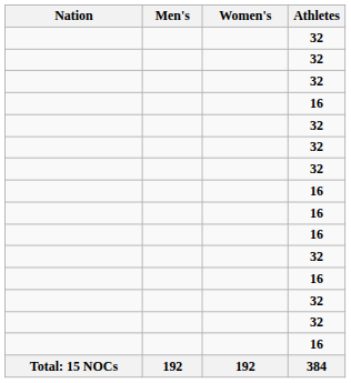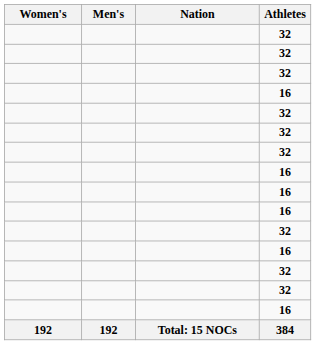 <table class="wikitable sortable" width=370 style="text-align:center; font-size:90%">
 <tr>
+<th>Women's</th>
+<th>Men's</th>
 <th>Nation</th>
-<th>Men's</th>
-<th>Women's</th>
 <th width=55>Athletes</th>
 </tr>
 <tr>
-<td style="text-align:left;"></td>
 <td></td>
 <td></td>
+<td style="text-align:left;"></td>
 <td><strong>32</strong></td>
 </tr>
 <tr>
-<td style="text-align:left;"></td>
 <td></td>
 <td></td>
+<td style="text-align:left;"></td>
 <td><strong>32</strong></td>
 </tr>
 <tr>
-<td style="text-align:left;"></td>
 <td></td>
 <td></td>
+<td style="text-align:left;"></td>
 <td><strong>32</strong></td>
 </tr>
 <tr>
-<td style="text-align:left;"></td>
 <td></td>
 <td></td>
+<td style="text-align:left;"></td>
 <td><strong>16</strong></td>
 </tr>
 <tr>
-<td style="text-align:left;"></td>
 <td></td>
 <td></td>
+<td style="text-align:left;"></td>
 <td><strong>32</strong></td>
 </tr>
 <tr>
-<td style="text-align:left;"></td>
 <td></td>
 <td></td>
+<td style="text-align:left;"></td>
 <td><strong>32</strong></td>
 </tr>
 <tr>
-<td style="text-align:left;"></td>
 <td></td>
 <td></td>
+<td style="text-align:left;"></td>
 <td><strong>32</strong></td>
 </tr>
 <tr>
-<td style="text-align:left;"></td>
 <td></td>
 <td></td>
+<td style="text-align:left;"></td>
 <td><strong>16</strong></td>
 </tr>
 <tr>
-<td style="text-align:left;"></td>
 <td></td>
 <td></td>
+<td style="text-align:left;"></td>
 <td><strong>16</strong></td>
 </tr>
 <tr>
-<td style="text-align:left;"></td>
 <td></td>
 <td></td>
+<td style="text-align:left;"></td>
 <td><strong>16</strong></td>
 </tr>
 <tr>
-<td style="text-align:left;"></td>
 <td></td>
 <td></td>
+<td style="text-align:left;"></td>
 <td><strong>32</strong></td>
 </tr>
 <tr>
-<td style="text-align:left;"></td>
 <td></td>
 <td></td>
+<td style="text-align:left;"></td>
 <td><strong>16</strong></td>
 </tr>
 <tr>
-<td style="text-align:left;"></td>
 <td></td>
 <td></td>
+<td style="text-align:left;"></td>
 <td><strong>32</strong></td>
 </tr>
 <tr>
-<td style="text-align:left;"></td>
 <td></td>
 <td></td>
+<td style="text-align:left;"></td>
 <td><strong>32</strong></td>
 </tr>
 <tr>
-<td style="text-align:left;"></td>
 <td></td>
 <td></td>
+<td style="text-align:left;"></td>
 <td><strong>16</strong></td>
 </tr>
 <tr>
-<th>Total: 15 NOCs</th>
 <th>192</th>
 <th>192</th>
+<th>Total: 15 NOCs</th>
 <th>384</th>
 </tr>
 </table>
